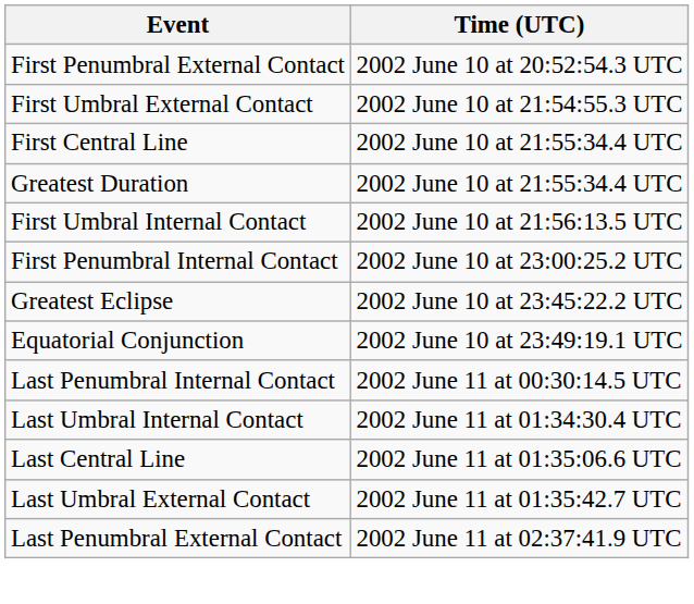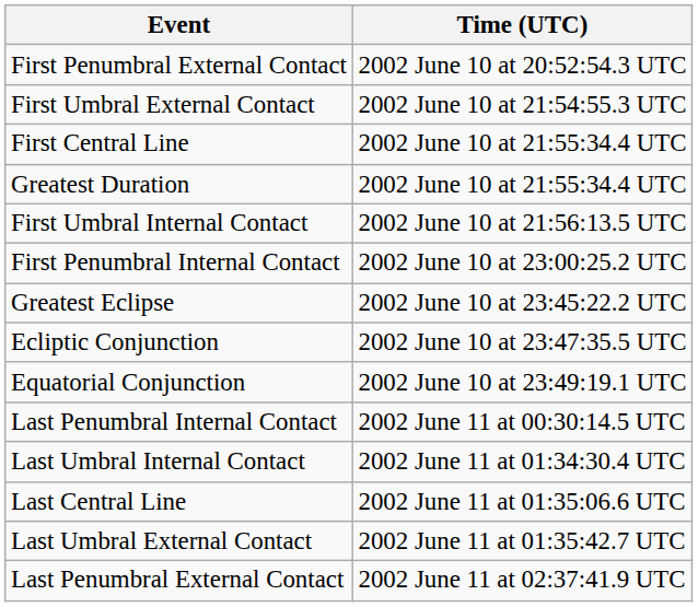 <table class="wikitable">
 <tr>
 <th>Event</th>
 <th>Time (UTC)</th>
 </tr>
 <tr>
 <td>First Penumbral External Contact</td>
 <td>2002 June 10 at 20:52:54.3 UTC</td>
 </tr>
 <tr>
 <td>First Umbral External Contact</td>
 <td>2002 June 10 at 21:54:55.3 UTC</td>
 </tr>
 <tr>
 <td>First Central Line</td>
 <td>2002 June 10 at 21:55:34.4 UTC</td>
 </tr>
 <tr>
 <td>Greatest Duration</td>
 <td>2002 June 10 at 21:55:34.4 UTC</td>
 </tr>
 <tr>
 <td>First Umbral Internal Contact</td>
 <td>2002 June 10 at 21:56:13.5 UTC</td>
 </tr>
 <tr>
 <td>First Penumbral Internal Contact</td>
 <td>2002 June 10 at 23:00:25.2 UTC</td>
 </tr>
 <tr>
 <td>Greatest Eclipse</td>
 <td>2002 June 10 at 23:45:22.2 UTC</td>
 </tr>
 <tr>
+<td>Ecliptic Conjunction</td>
+<td>2002 June 10 at 23:47:35.5 UTC</td>
+</tr>
+<tr>
 <td>Equatorial Conjunction</td>
 <td>2002 June 10 at 23:49:19.1 UTC</td>
 </tr>
 <tr>
 <td>Last Penumbral Internal Contact</td>
 <td>2002 June 11 at 00:30:14.5 UTC</td>
 </tr>
 <tr>
 <td>Last Umbral Internal Contact</td>
 <td>2002 June 11 at 01:34:30.4 UTC</td>
 </tr>
 <tr>
 <td>Last Central Line</td>
 <td>2002 June 11 at 01:35:06.6 UTC</td>
 </tr>
 <tr>
 <td>Last Umbral External Contact</td>
 <td>2002 June 11 at 01:35:42.7 UTC</td>
 </tr>
 <tr>
 <td>Last Penumbral External Contact</td>
 <td>2002 June 11 at 02:37:41.9 UTC</td>
 </tr>
 </table>
